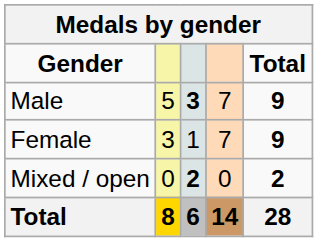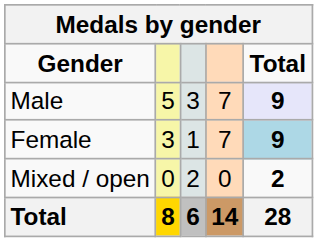 <table class="wikitable" style="text-align:center;font-size:90%">
 <tr style="background:#efefef;">
 <th colspan=7>Medals by gender</th>
 </tr>
 <tr>
 <td><strong>Gender</strong></td>
 <td bgcolor=#f7f6a8></td>
 <td bgcolor=#dce5e5></td>
 <td bgcolor=#ffdab9></td>
 <td><strong>Total</strong></td>
 </tr>
 <tr>
 <td style="text-align:left;">Male</td>
 <td style="background:#F7F6A8;">5</td>
-<td style="background:#DCE5E5;"><strong>3</strong></td>
+<td style="background:#DCE5E5;">3</td>
 <td style="background:#FFDAB9;">7</td>
-<td><strong>9</strong></td>
+<td style="background: lavender;"><strong>9</strong></td>
 </tr>
 <tr>
 <td style="text-align:left;">Female</td>
 <td style="background:#F7F6A8;">3</td>
 <td style="background:#DCE5E5;">1</td>
 <td style="background:#FFDAB9;">7</td>
-<td><strong>9</strong></td>
+<td style="background: lightblue;"><strong>9</strong></td>
 </tr>
 <tr>
 <td style="text-align:left;">Mixed / open</td>
 <td style="background:#F7F6A8;">0</td>
-<td style="background:#DCE5E5;"><strong>2</strong></td>
+<td style="background:#DCE5E5;">2</td>
 <td style="background:#FFDAB9;">0</td>
 <td><strong>2</strong></td>
 </tr>
 <tr>
 <th style="text-align:left;">Total</th>
 <th style="background:gold;">8</th>
 <th style="background:silver;">6</th>
 <th style="background:#c96;">14</th>
 <th>28</th>
 </tr>
 </table>
